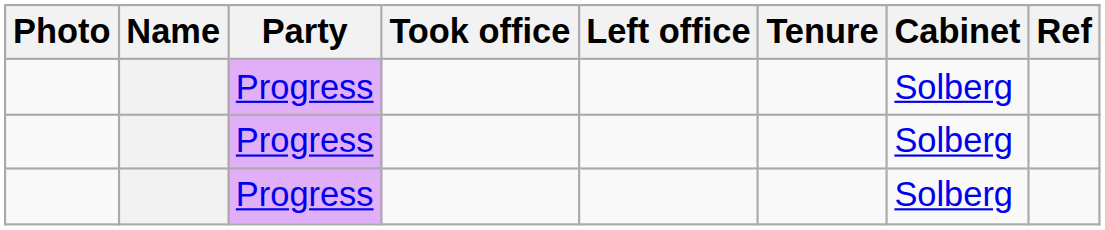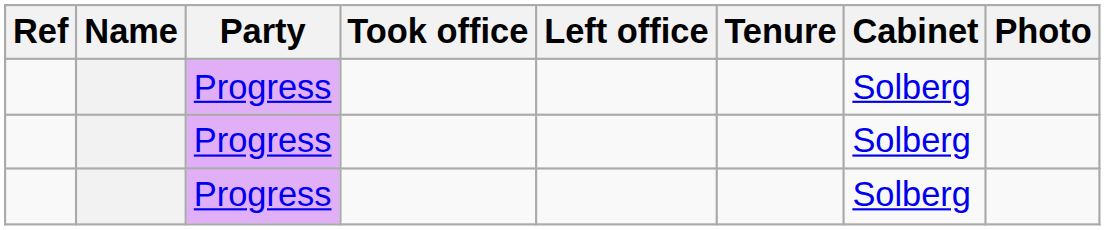 <table class="wikitable plainrowheaders sortable">
 <tr>
-<th scope=col class=unsortable>Photo</th>
+<th scope=col class=unsortable>Ref</th>
 <th scope=col>Name</th>
 <th scope=col>Party</th>
 <th scope=col>Took office</th>
 <th scope=col>Left office</th>
 <th scope=col>Tenure</th>
 <th scope=col>Cabinet</th>
-<th scope=col class=unsortable>Ref</th>
+<th scope=col class=unsortable>Photo</th>
 </tr>
 <tr>
 <td align=center></td>
 <th scope=row></th>
 <td style="background:#E1AFF8"><a href='#'>Progress</a></td>
 <td></td>
 <td></td>
 <td></td>
 <td><a href='#'>Solberg</a></td>
 <td align=center></td>
 </tr>
 <tr>
 <td align=center></td>
 <th scope=row></th>
 <td style="background:#E1AFF8"><a href='#'>Progress</a></td>
 <td></td>
 <td></td>
 <td></td>
 <td><a href='#'>Solberg</a></td>
 <td align=center></td>
 </tr>
 <tr>
 <td align=center></td>
 <th scope=row></th>
 <td style="background:#E1AFF8"><a href='#'>Progress</a></td>
 <td></td>
 <td></td>
 <td></td>
 <td><a href='#'>Solberg</a></td>
 <td align=center></td>
 </tr>
 </table>
